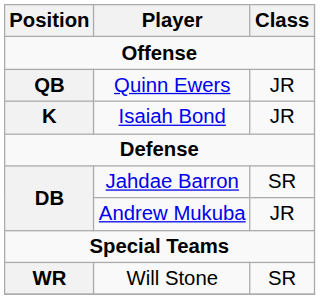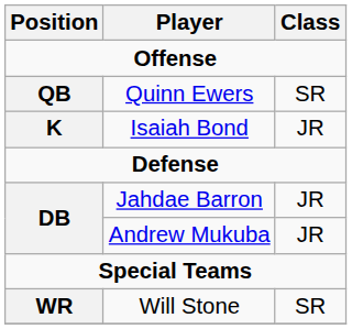 <table class="wikitable">
 <tr>
 <th>Position</th>
 <th>Player</th>
 <th>Class</th>
 </tr>
 <tr>
 <td colspan="4" style="text-align:center; "><strong>Offense</strong></td>
 </tr>
 <tr style="text-align:center;">
 <th rowspan="1">QB</th>
 <td><a href='#'>Quinn Ewers</a></td>
-<td>JR</td>
+<td>SR</td>
 </tr>
 <tr style="text-align:center;">
 <th rowspan="1">K</th>
 <td><a href='#'>Isaiah Bond</a></td>
 <td>JR</td>
 </tr>
 <tr>
 <td colspan="4" style="text-align:center; "><strong>Defense</strong></td>
 </tr>
 <tr style="text-align:center;">
 <th rowspan="2">DB</th>
 <td><a href='#'>Jahdae Barron</a></td>
-<td>SR</td>
+<td>JR</td>
 </tr>
 <tr style="text-align:center;">
 <td><a href='#'>Andrew Mukuba</a></td>
 <td>JR</td>
 </tr>
 <tr>
 <td colspan="4" style="text-align:center; "><strong>Special Teams</strong></td>
 </tr>
 <tr style="text-align:center;">
 <th rowspan="1">WR</th>
 <td>Will Stone</td>
 <td>SR</td>
 </tr>
 <tr>
 </tr>
 </table>
